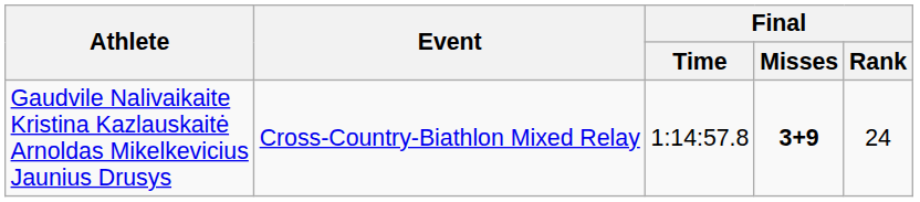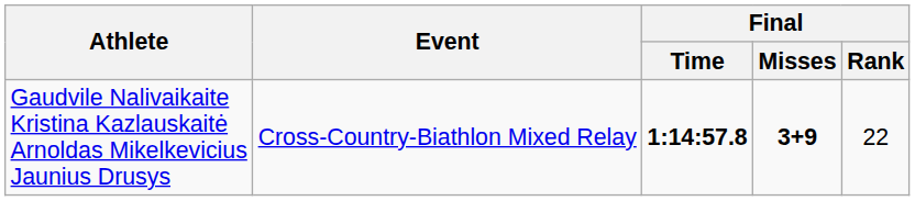 <table class="wikitable">
 <tr>
 <th rowspan="2">Athlete</th>
 <th rowspan="2">Event</th>
 <th colspan="3">Final</th>
 </tr>
 <tr>
 <th>Time</th>
 <th>Misses</th>
 <th>Rank</th>
 </tr>
 <tr>
 <td><a href='#'>Gaudvile Nalivaikaite</a><br><a href='#'>Kristina Kazlauskaitė</a><br><a href='#'>Arnoldas Mikelkevicius</a><br><a href='#'>Jaunius Drusys</a></td>
 <td><a href='#'>Cross-Country-Biathlon Mixed Relay</a></td>
-<td align="center">1:14:57.8</td>
+<td align="center"><strong>1:14:57.8</strong></td>
 <td align="center"><strong>3+9</strong></td>
-<td align="center">24</td>
+<td align="center">22</td>
 </tr>
 </table>
